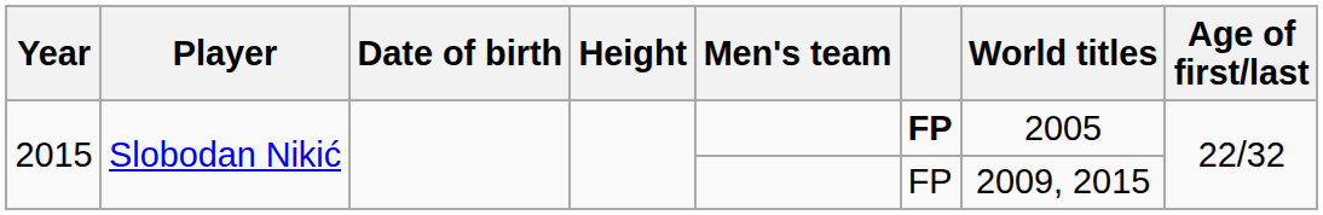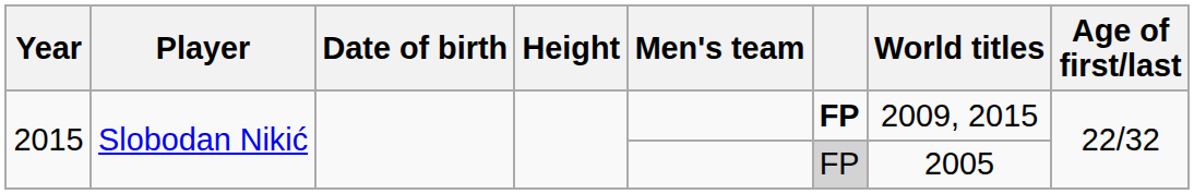 <table class="wikitable sortable" style="text-align: center; font-size: 90%; margin-left: 1em;">
 <tr>
 <th>Year</th>
 <th>Player</th>
 <th>Date of birth</th>
 <th>Height</th>
 <th>Men's team</th>
 <th></th>
 <th>World titles</th>
 <th>Age of<br>first/last</th>
 </tr>
 <tr>
 <td rowspan="2">2015</td>
 <td rowspan="2" style="text-align: left;" data-sort-value="Nikić, Slobodan"><a href='#'>Slobodan Nikić</a></td>
 <td rowspan="2" style="text-align: right;"></td>
 <td rowspan="2" style="text-align: left;"></td>
 <td style="text-align: left;"></td>
 <td><strong>FP</strong></td>
-<td>2005</td>
+<td>2009, 2015</td>
 <td rowspan="2">22/32</td>
 </tr>
 <tr>
 <td style="text-align: left;"></td>
-<td>FP</td>
-<td>2009, 2015</td>
+<td style="background: lightgrey;">FP</td>
+<td>2005</td>
 </tr>
 </table>
